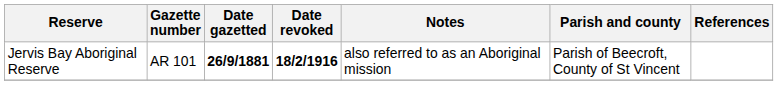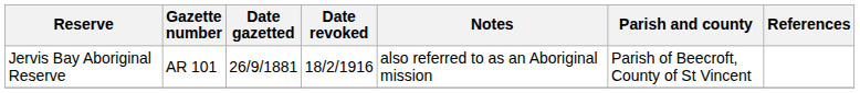 <table class="wikitable" style="width:100%; background:#fff;">
 <tr>
 <th scope="col" style="width:20%;">Reserve</th>
 <th scope="col" style="width:5%;">Gazette number</th>
 <th scope="col" style="width:5%;">Date gazetted</th>
 <th scope="col" style="width:5%;">Date revoked</th>
 <th scope="col" class="unsortable" style="width: 30%">Notes</th>
 <th scope="col" class="unsortable" style="width: 20%">Parish and county</th>
 <th scope="col" class="unsortable" style="width: 5%">References</th>
 </tr>
 <tr>
 <td>Jervis Bay Aboriginal Reserve</td>
 <td>AR 101</td>
-<td><strong>26/9/1881</strong></td>
-<td><strong>18/2/1916</strong></td>
+<td>26/9/1881</td>
+<td>18/2/1916</td>
 <td>also referred to as an Aboriginal mission</td>
 <td>Parish of Beecroft, County of St Vincent</td>
 <td></td>
 </tr>
 <tr>
 </tr>
 </table>
